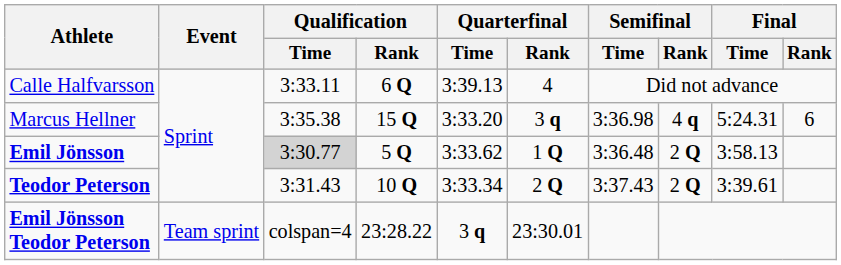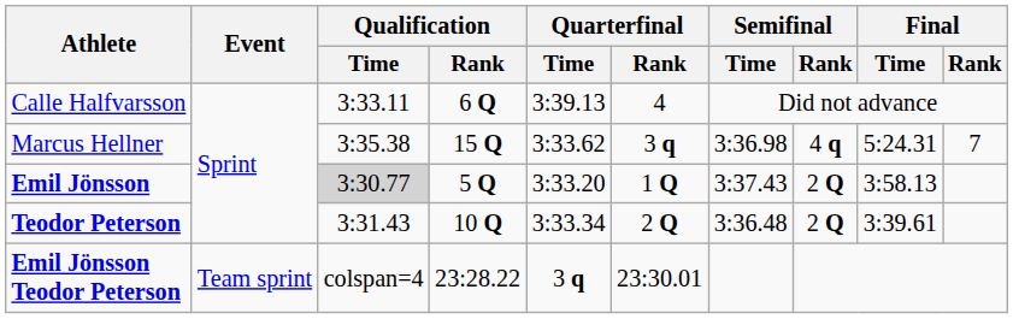 <table class="wikitable" style="font-size:90%">
 <tr>
 <th rowspan="2">Athlete</th>
 <th rowspan="2">Event</th>
 <th colspan="2">Qualification</th>
 <th colspan="2">Quarterfinal</th>
 <th colspan="2">Semifinal</th>
 <th colspan="2">Final</th>
 </tr>
 <tr style="font-size:95%">
 <th>Time</th>
 <th>Rank</th>
 <th>Time</th>
 <th>Rank</th>
 <th>Time</th>
 <th>Rank</th>
 <th>Time</th>
 <th>Rank</th>
 </tr>
 <tr align=center>
 <td align=left><a href='#'>Calle Halfvarsson</a></td>
 <td align=left rowspan=4><a href='#'>Sprint</a></td>
 <td>3:33.11</td>
 <td>6 <strong>Q</strong></td>
 <td>3:39.13</td>
 <td>4</td>
 <td colspan=4>Did not advance</td>
 </tr>
 <tr align=center>
 <td align=left><a href='#'>Marcus Hellner</a></td>
 <td>3:35.38</td>
 <td>15 <strong>Q</strong></td>
-<td>3:33.20</td>
+<td>3:33.62</td>
 <td>3 <strong>q</strong></td>
 <td>3:36.98</td>
 <td>4 <strong>q</strong></td>
 <td>5:24.31</td>
-<td>6</td>
+<td>7</td>
 </tr>
 <tr align=center>
 <td align=left><strong><a href='#'>Emil Jönsson</a></strong></td>
 <td style="background: lightgrey;">3:30.77</td>
 <td>5 <strong>Q</strong></td>
-<td>3:33.62</td>
+<td>3:33.20</td>
 <td>1 <strong>Q</strong></td>
-<td>3:36.48</td>
+<td>3:37.43</td>
 <td>2 <strong>Q</strong></td>
 <td>3:58.13</td>
 <td></td>
 </tr>
 <tr align=center>
 <td align=left><strong><a href='#'>Teodor Peterson</a></strong></td>
 <td>3:31.43</td>
 <td>10 <strong>Q</strong></td>
 <td>3:33.34</td>
 <td>2 <strong>Q</strong></td>
-<td>3:37.43</td>
+<td>3:36.48</td>
 <td>2 <strong>Q</strong></td>
 <td>3:39.61</td>
 <td></td>
 </tr>
 <tr align=center>
 <td align=left><strong><a href='#'>Emil Jönsson</a><br><a href='#'>Teodor Peterson</a></strong></td>
 <td align=left><a href='#'>Team sprint</a></td>
 <td>colspan=4 </td>
 <td>23:28.22</td>
 <td>3 <strong>q</strong></td>
 <td>23:30.01</td>
 <td></td>
 </tr>
 </table>
